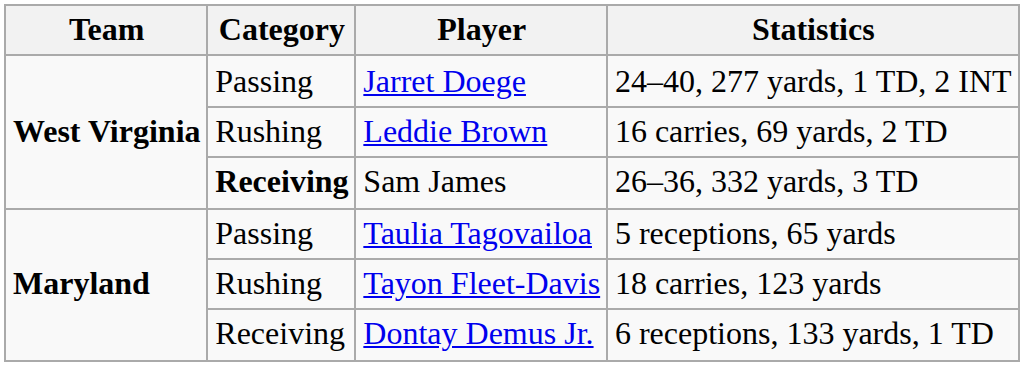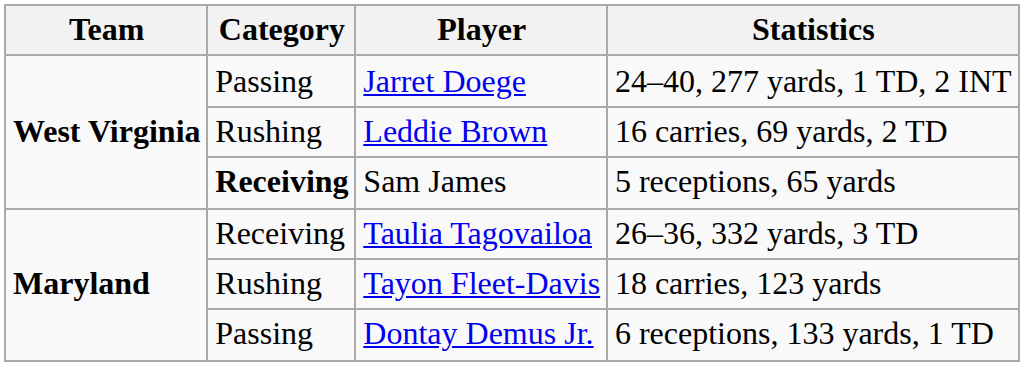 <table class="wikitable" style="float: right;">
 <tr>
 <th>Team</th>
 <th>Category</th>
 <th>Player</th>
 <th>Statistics</th>
 </tr>
 <tr>
 <td rowspan=3><strong>West Virginia</strong></td>
 <td>Passing</td>
 <td><a href='#'>Jarret Doege</a></td>
 <td>24–40, 277 yards, 1 TD, 2 INT</td>
 </tr>
 <tr>
 <td>Rushing</td>
 <td><a href='#'>Leddie Brown</a></td>
 <td>16 carries, 69 yards, 2 TD</td>
 </tr>
 <tr>
 <td><strong>Receiving</strong></td>
 <td>Sam James</td>
-<td>26–36, 332 yards, 3 TD</td>
+<td>5 receptions, 65 yards</td>
 </tr>
 <tr>
 <td rowspan=3><strong>Maryland</strong></td>
-<td>Passing</td>
+<td>Receiving</td>
 <td><a href='#'>Taulia Tagovailoa</a></td>
-<td>5 receptions, 65 yards</td>
+<td>26–36, 332 yards, 3 TD</td>
 </tr>
 <tr>
 <td>Rushing</td>
 <td><a href='#'>Tayon Fleet-Davis</a></td>
 <td>18 carries, 123 yards</td>
 </tr>
 <tr>
-<td>Receiving</td>
+<td>Passing</td>
 <td><a href='#'>Dontay Demus Jr.</a></td>
 <td>6 receptions, 133 yards, 1 TD</td>
 </tr>
 </table>
